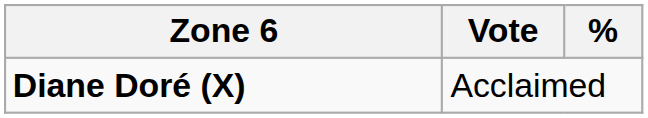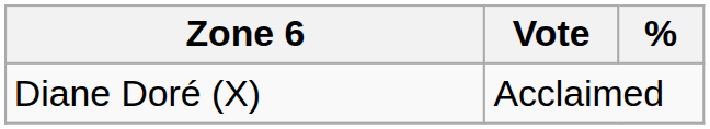 <table class="wikitable">
 <tr>
 <th width="200px">Zone 6</th>
 <th width="50px">Vote</th>
 <th width="30px">%</th>
 </tr>
 <tr>
-<td><strong>Diane Doré (X)</strong></td>
+<td>Diane Doré (X)</td>
 <td colspan="2">Acclaimed</td>
 </tr>
 </table>
